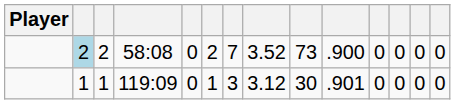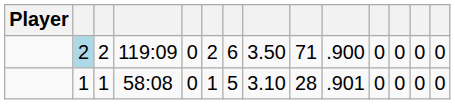 <table class="wikitable sortable" style="text-align:center;">
 <tr>
 <th>Player</th>
 <th></th>
 <th></th>
 <th></th>
 <th></th>
 <th></th>
 <th></th>
 <th></th>
 <th></th>
 <th></th>
 <th></th>
 <th></th>
 <th></th>
 <th></th>
 </tr>
 <tr>
 <td style="text-align:left;"></td>
 <td style="background: lightblue;">2</td>
 <td>2</td>
-<td>58:08</td>
+<td>119:09</td>
 <td>0</td>
 <td>2</td>
-<td>7</td>
-<td>3.52</td>
-<td>73</td>
+<td>6</td>
+<td>3.50</td>
+<td>71</td>
 <td>.900</td>
 <td>0</td>
 <td>0</td>
 <td>0</td>
 <td>0</td>
 </tr>
 <tr>
 <td style="text-align:left;"></td>
 <td>1</td>
 <td>1</td>
-<td>119:09</td>
+<td>58:08</td>
 <td>0</td>
 <td>1</td>
-<td>3</td>
-<td>3.12</td>
-<td>30</td>
+<td>5</td>
+<td>3.10</td>
+<td>28</td>
 <td>.901</td>
 <td>0</td>
 <td>0</td>
 <td>0</td>
 <td>0</td>
 </tr>
 </table>
